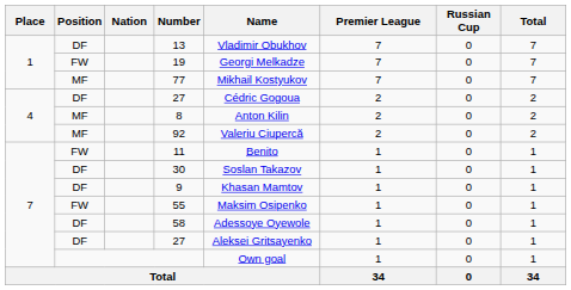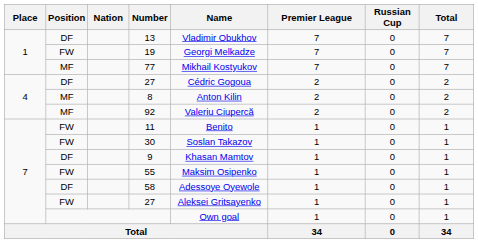 <table class="wikitable" style="font-size: 95%; text-align: center;">
 <tr>
 <th width=60>Place</th>
 <th width=60>Position</th>
 <th width=60>Nation</th>
 <th width=60>Number</th>
 <th width=150>Name</th>
 <th width=150>Premier League</th>
 <th width=80>Russian Cup</th>
 <th width=80>Total</th>
 </tr>
 <tr>
 <td rowspan="3">1</td>
 <td>DF</td>
 <td></td>
 <td>13</td>
 <td><a href='#'>Vladimir Obukhov</a></td>
 <td>7</td>
 <td>0</td>
 <td>7</td>
 </tr>
 <tr>
 <td>FW</td>
 <td></td>
 <td>19</td>
 <td><a href='#'>Georgi Melkadze</a></td>
 <td>7</td>
 <td>0</td>
 <td>7</td>
 </tr>
 <tr>
 <td>MF</td>
 <td></td>
 <td>77</td>
 <td><a href='#'>Mikhail Kostyukov</a></td>
 <td>7</td>
 <td>0</td>
 <td>7</td>
 </tr>
 <tr>
 <td rowspan="3'">4</td>
 <td>DF</td>
 <td></td>
 <td>27</td>
 <td><a href='#'>Cédric Gogoua</a></td>
 <td>2</td>
 <td>0</td>
 <td>2</td>
 </tr>
 <tr>
 <td>MF</td>
 <td></td>
 <td>8</td>
 <td><a href='#'>Anton Kilin</a></td>
 <td>2</td>
 <td>0</td>
 <td>2</td>
 </tr>
 <tr>
 <td>MF</td>
 <td></td>
 <td>92</td>
 <td><a href='#'>Valeriu Ciupercă</a></td>
 <td>2</td>
 <td>0</td>
 <td>2</td>
 </tr>
 <tr>
 <td rowspan="7">7</td>
 <td>FW</td>
 <td></td>
 <td>11</td>
 <td><a href='#'>Benito</a></td>
 <td>1</td>
 <td>0</td>
 <td>1</td>
 </tr>
 <tr>
-<td>DF</td>
+<td>FW</td>
 <td></td>
 <td>30</td>
 <td><a href='#'>Soslan Takazov</a></td>
 <td>1</td>
 <td>0</td>
 <td>1</td>
 </tr>
 <tr>
 <td>DF</td>
 <td></td>
 <td>9</td>
 <td><a href='#'>Khasan Mamtov</a></td>
 <td>1</td>
 <td>0</td>
 <td>1</td>
 </tr>
 <tr>
 <td>FW</td>
 <td></td>
 <td>55</td>
 <td><a href='#'>Maksim Osipenko</a></td>
 <td>1</td>
 <td>0</td>
 <td>1</td>
 </tr>
 <tr>
 <td>DF</td>
 <td></td>
 <td>58</td>
 <td><a href='#'>Adessoye Oyewole</a></td>
 <td>1</td>
 <td>0</td>
 <td>1</td>
 </tr>
 <tr>
-<td>DF</td>
+<td>FW</td>
 <td></td>
 <td>27</td>
 <td><a href='#'>Aleksei Gritsayenko</a></td>
 <td>1</td>
 <td>0</td>
 <td>1</td>
 </tr>
 <tr>
 <td colspan="3"></td>
 <td><a href='#'>Own goal</a></td>
 <td>1</td>
 <td>0</td>
 <td>1</td>
 </tr>
 <tr>
 <th colspan=5>Total</th>
 <th>34</th>
 <th>0</th>
 <th>34</th>
 </tr>
 </table>
